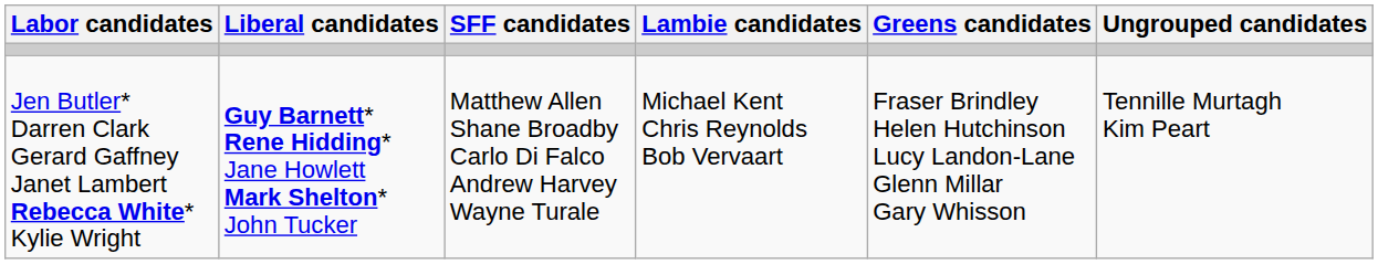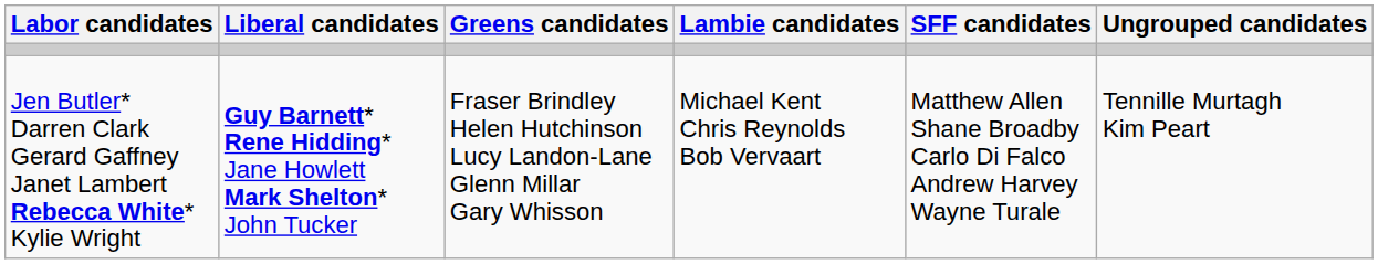 <table class="wikitable">
 <tr>
 <th><a href='#'>Labor</a> candidates</th>
 <th><a href='#'>Liberal</a> candidates</th>
+<th><a href='#'>Greens</a> candidates</th>
+<th><a href='#'>Lambie</a> candidates</th>
 <th><a href='#'>SFF</a> candidates</th>
-<th><a href='#'>Lambie</a> candidates</th>
-<th><a href='#'>Greens</a> candidates</th>
 <th>Ungrouped candidates</th>
 </tr>
 <tr bgcolor="#cccccc">
 <td></td>
 <td></td>
 <td></td>
 <td></td>
 <td></td>
 <td></td>
 </tr>
 <tr>
 <td><br><a href='#'>Jen Butler</a>*<br> Darren Clark<br> Gerard Gaffney<br> Janet Lambert<br> <strong><a href='#'>Rebecca White</a></strong>*<br> Kylie Wright</td>
 <td><br><strong><a href='#'>Guy Barnett</a></strong>*<br> <strong><a href='#'>Rene Hidding</a></strong>*<br> <a href='#'>Jane Howlett</a><br> <strong><a href='#'>Mark Shelton</a></strong>*<br> <a href='#'>John Tucker</a></td>
+<td valign=top><br>Fraser Brindley<br> Helen Hutchinson<br> Lucy Landon-Lane<br> Glenn Millar<br> Gary Whisson</td>
+<td valign=top><br>Michael Kent<br> Chris Reynolds<br> Bob Vervaart</td>
 <td valign=top><br>Matthew Allen<br> Shane Broadby<br> Carlo Di Falco<br> Andrew Harvey<br> Wayne Turale</td>
-<td valign=top><br>Michael Kent<br> Chris Reynolds<br> Bob Vervaart</td>
-<td valign=top><br>Fraser Brindley<br> Helen Hutchinson<br> Lucy Landon-Lane<br> Glenn Millar<br> Gary Whisson</td>
 <td valign=top><br>Tennille Murtagh<br> Kim Peart</td>
 </tr>
 </table>
